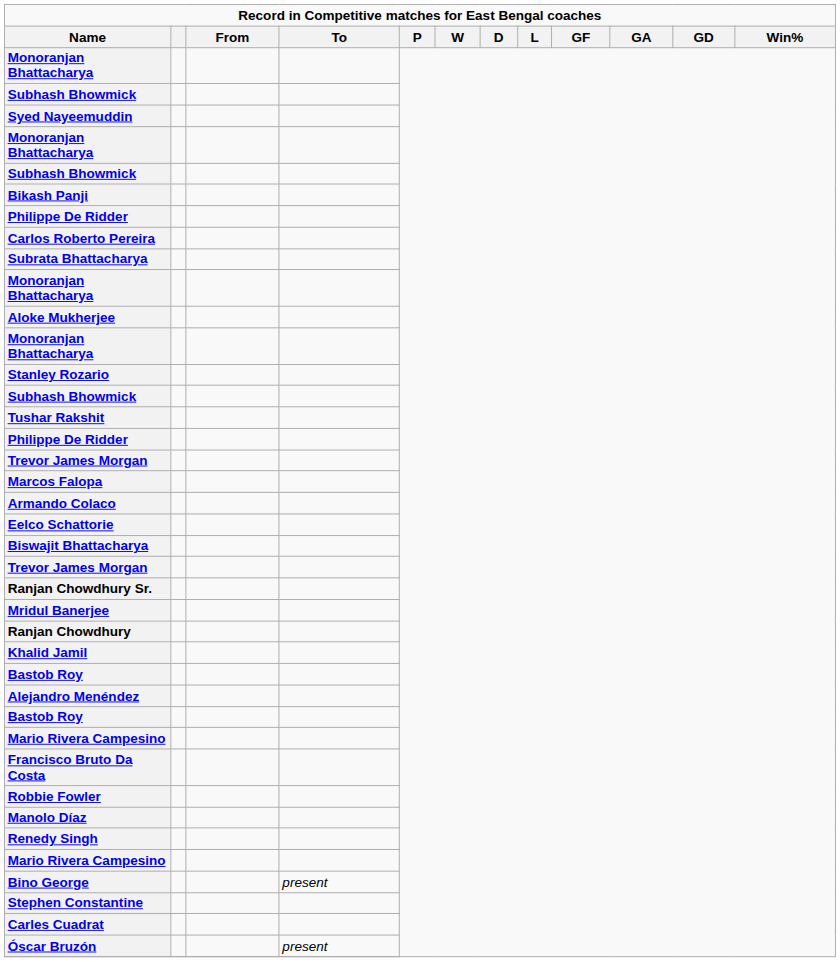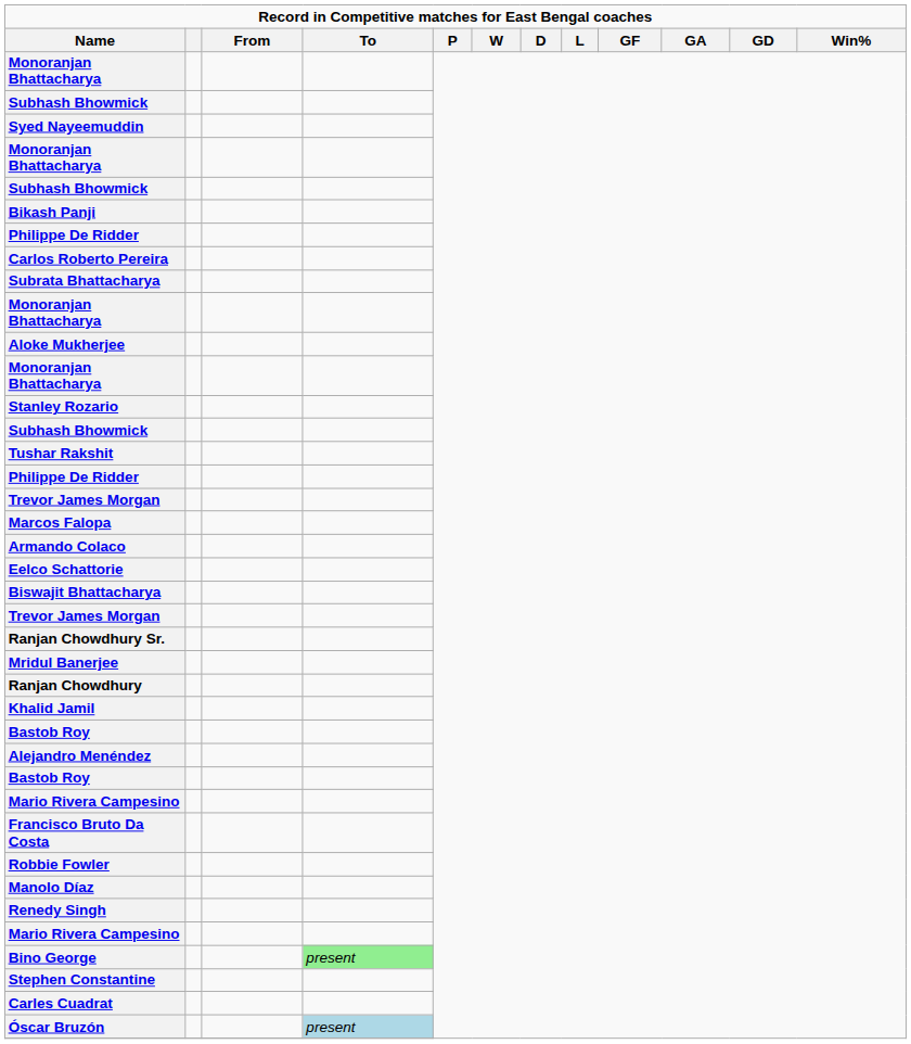 <table class="wikitable plainrowheaders sortable" style="font-size:90%; width:70%; text-align:center">
 <tr>
 <td colspan="12"><strong>Record in Competitive matches for East Bengal coaches</strong></td>
 </tr>
 <tr>
 <th width=20%;>Name</th>
 <th></th>
 <th>From</th>
 <th>To</th>
 <th>P</th>
 <th>W</th>
 <th>D</th>
 <th>L</th>
 <th>GF</th>
 <th>GA</th>
 <th>GD</th>
 <th>Win%</th>
 </tr>
 <tr>
 <th scope=row style=text-align:left><a href='#'>Monoranjan Bhattacharya</a></th>
 <td align=left></td>
 <td align=left></td>
 <td align=left><br></td>
 </tr>
 <tr>
 <th scope=row style=text-align:left><a href='#'>Subhash Bhowmick</a></th>
 <td align=left></td>
 <td align=left></td>
 <td align=left><br></td>
 </tr>
 <tr>
 <th scope=row style=text-align:left><a href='#'>Syed Nayeemuddin</a></th>
 <td align=left></td>
 <td align=left></td>
 <td align=left><br></td>
 </tr>
 <tr>
 <th scope=row style=text-align:left><a href='#'>Monoranjan Bhattacharya</a></th>
 <td align=left></td>
 <td align=left></td>
 <td align=left><br></td>
 </tr>
 <tr>
 <th scope=row style=text-align:left><a href='#'>Subhash Bhowmick</a></th>
 <td align=left></td>
 <td align=left></td>
 <td align=left><br></td>
 </tr>
 <tr>
 <th scope=row style=text-align:left><a href='#'>Bikash Panji</a></th>
 <td align=left></td>
 <td align=left></td>
 <td align=left><br></td>
 </tr>
 <tr>
 <th scope=row style=text-align:left><a href='#'>Philippe De Ridder</a></th>
 <td align=left></td>
 <td align=left></td>
 <td align=left><br></td>
 </tr>
 <tr>
 <th scope=row style=text-align:left><a href='#'>Carlos Roberto Pereira</a></th>
 <td align=left></td>
 <td align=left></td>
 <td align=left><br></td>
 </tr>
 <tr>
 <th scope=row style=text-align:left><a href='#'>Subrata Bhattacharya</a></th>
 <td align=left></td>
 <td align=left></td>
 <td align=left><br></td>
 </tr>
 <tr>
 <th scope=row style=text-align:left><a href='#'>Monoranjan Bhattacharya</a></th>
 <td align=left></td>
 <td align=left></td>
 <td align=left><br></td>
 </tr>
 <tr>
 <th scope=row style=text-align:left><a href='#'>Aloke Mukherjee</a></th>
 <td align=left></td>
 <td align=left></td>
 <td align=left><br></td>
 </tr>
 <tr>
 <th scope=row style=text-align:left><a href='#'>Monoranjan Bhattacharya</a></th>
 <td align=left></td>
 <td align=left></td>
 <td align=left><br></td>
 </tr>
 <tr>
 <th scope=row style=text-align:left><a href='#'>Stanley Rozario</a></th>
 <td align=left></td>
 <td align=left></td>
 <td align=left><br></td>
 </tr>
 <tr>
 <th scope=row style=text-align:left><a href='#'>Subhash Bhowmick</a></th>
 <td align=left></td>
 <td align=left></td>
 <td align=left><br></td>
 </tr>
 <tr>
 <th scope=row style=text-align:left><a href='#'>Tushar Rakshit</a></th>
 <td align=left></td>
 <td align=left></td>
 <td align=left><br></td>
 </tr>
 <tr>
 <th scope=row style=text-align:left><a href='#'>Philippe De Ridder</a></th>
 <td align=left></td>
 <td align=left></td>
 <td align=left><br></td>
 </tr>
 <tr>
 <th scope=row style=text-align:left><a href='#'>Trevor James Morgan</a></th>
 <td align=left></td>
 <td align=left></td>
 <td align=left><br></td>
 </tr>
 <tr>
 <th scope=row style=text-align:left><a href='#'>Marcos Falopa</a></th>
 <td align=left></td>
 <td align=left></td>
 <td align=left><br></td>
 </tr>
 <tr>
 <th scope=row style=text-align:left><a href='#'>Armando Colaco</a></th>
 <td align=left></td>
 <td align=left></td>
 <td align=left><br></td>
 </tr>
 <tr>
 <th scope=row style=text-align:left><a href='#'>Eelco Schattorie</a></th>
 <td align=left></td>
 <td align=left></td>
 <td align=left><br></td>
 </tr>
 <tr>
 <th scope=row style=text-align:left><a href='#'>Biswajit Bhattacharya</a></th>
 <td align=left></td>
 <td align=left></td>
 <td align=left><br></td>
 </tr>
 <tr>
 <th scope=row style=text-align:left><a href='#'>Trevor James Morgan</a></th>
 <td align=left></td>
 <td align=left></td>
 <td align=left><br></td>
 </tr>
 <tr>
 <th scope=row style=text-align:left>Ranjan Chowdhury Sr.</th>
 <td align=left></td>
 <td align=left></td>
 <td align=left><br></td>
 </tr>
 <tr>
 <th scope=row style=text-align:left><a href='#'>Mridul Banerjee</a></th>
 <td align=left></td>
 <td align=left></td>
 <td align=left><br></td>
 </tr>
 <tr>
 <th scope=row style=text-align:left>Ranjan Chowdhury</th>
 <td align=left></td>
 <td align=left></td>
 <td align=left><br></td>
 </tr>
 <tr>
 <th scope=row style=text-align:left><a href='#'>Khalid Jamil</a></th>
 <td align=left></td>
 <td align=left></td>
 <td align=left><br></td>
 </tr>
 <tr>
 <th scope=row style=text-align:left><a href='#'>Bastob Roy</a></th>
 <td align=left></td>
 <td align=left></td>
 <td align=left><br></td>
 </tr>
 <tr>
 <th scope=row style=text-align:left><a href='#'>Alejandro Menéndez</a></th>
 <td align=left></td>
 <td align=left></td>
 <td align=left><br></td>
 </tr>
 <tr>
 <th scope=row style=text-align:left><a href='#'>Bastob Roy</a></th>
 <td align=left></td>
 <td align=left></td>
 <td align=left><br></td>
 </tr>
 <tr>
 <th scope=row style=text-align:left><a href='#'>Mario Rivera Campesino</a></th>
 <td align=left></td>
 <td align=left></td>
 <td align=left><br></td>
 </tr>
 <tr>
 <th scope=row style=text-align:left><a href='#'>Francisco Bruto Da Costa</a></th>
 <td align=left></td>
 <td align=left></td>
 <td align=left><br></td>
 </tr>
 <tr>
 <th scope=row style=text-align:left><a href='#'>Robbie Fowler</a></th>
 <td align=left></td>
 <td align=left></td>
 <td align=left><br></td>
 </tr>
 <tr>
 <th scope=row style=text-align:left><a href='#'>Manolo Díaz</a></th>
 <td align=left></td>
 <td align=left></td>
 <td align=left><br></td>
 </tr>
 <tr>
 <th scope=row style=text-align:left><a href='#'>Renedy Singh</a></th>
 <td align=left></td>
 <td align=left></td>
 <td align=left><br></td>
 </tr>
 <tr>
 <th scope=row style=text-align:left><a href='#'>Mario Rivera Campesino</a></th>
 <td align=left></td>
 <td align=left></td>
 <td align=left><br></td>
 </tr>
 <tr>
 <th scope=row style=text-align:left><a href='#'>Bino George</a></th>
 <td align=left></td>
 <td align=left></td>
-<td align=left><em>present</em><br></td>
+<td align=left style="background: lightgreen;"><em>present</em><br></td>
 </tr>
 <tr>
 <th scope=row style=text-align:left><a href='#'>Stephen Constantine</a></th>
 <td align=left></td>
 <td align=left></td>
 <td align=left><br></td>
 </tr>
 <tr>
 <th scope=row style=text-align:left><a href='#'>Carles Cuadrat</a></th>
 <td align=left></td>
 <td align=left></td>
 <td align=left><br></td>
 </tr>
 <tr>
 <th scope=row style=text-align:left><a href='#'>Óscar Bruzón</a></th>
 <td align=left></td>
 <td align=left></td>
-<td align=left><em>present</em><br></td>
+<td align=left style="background: lightblue;"><em>present</em><br></td>
 </tr>
 <tr>
 </tr>
 </table>
